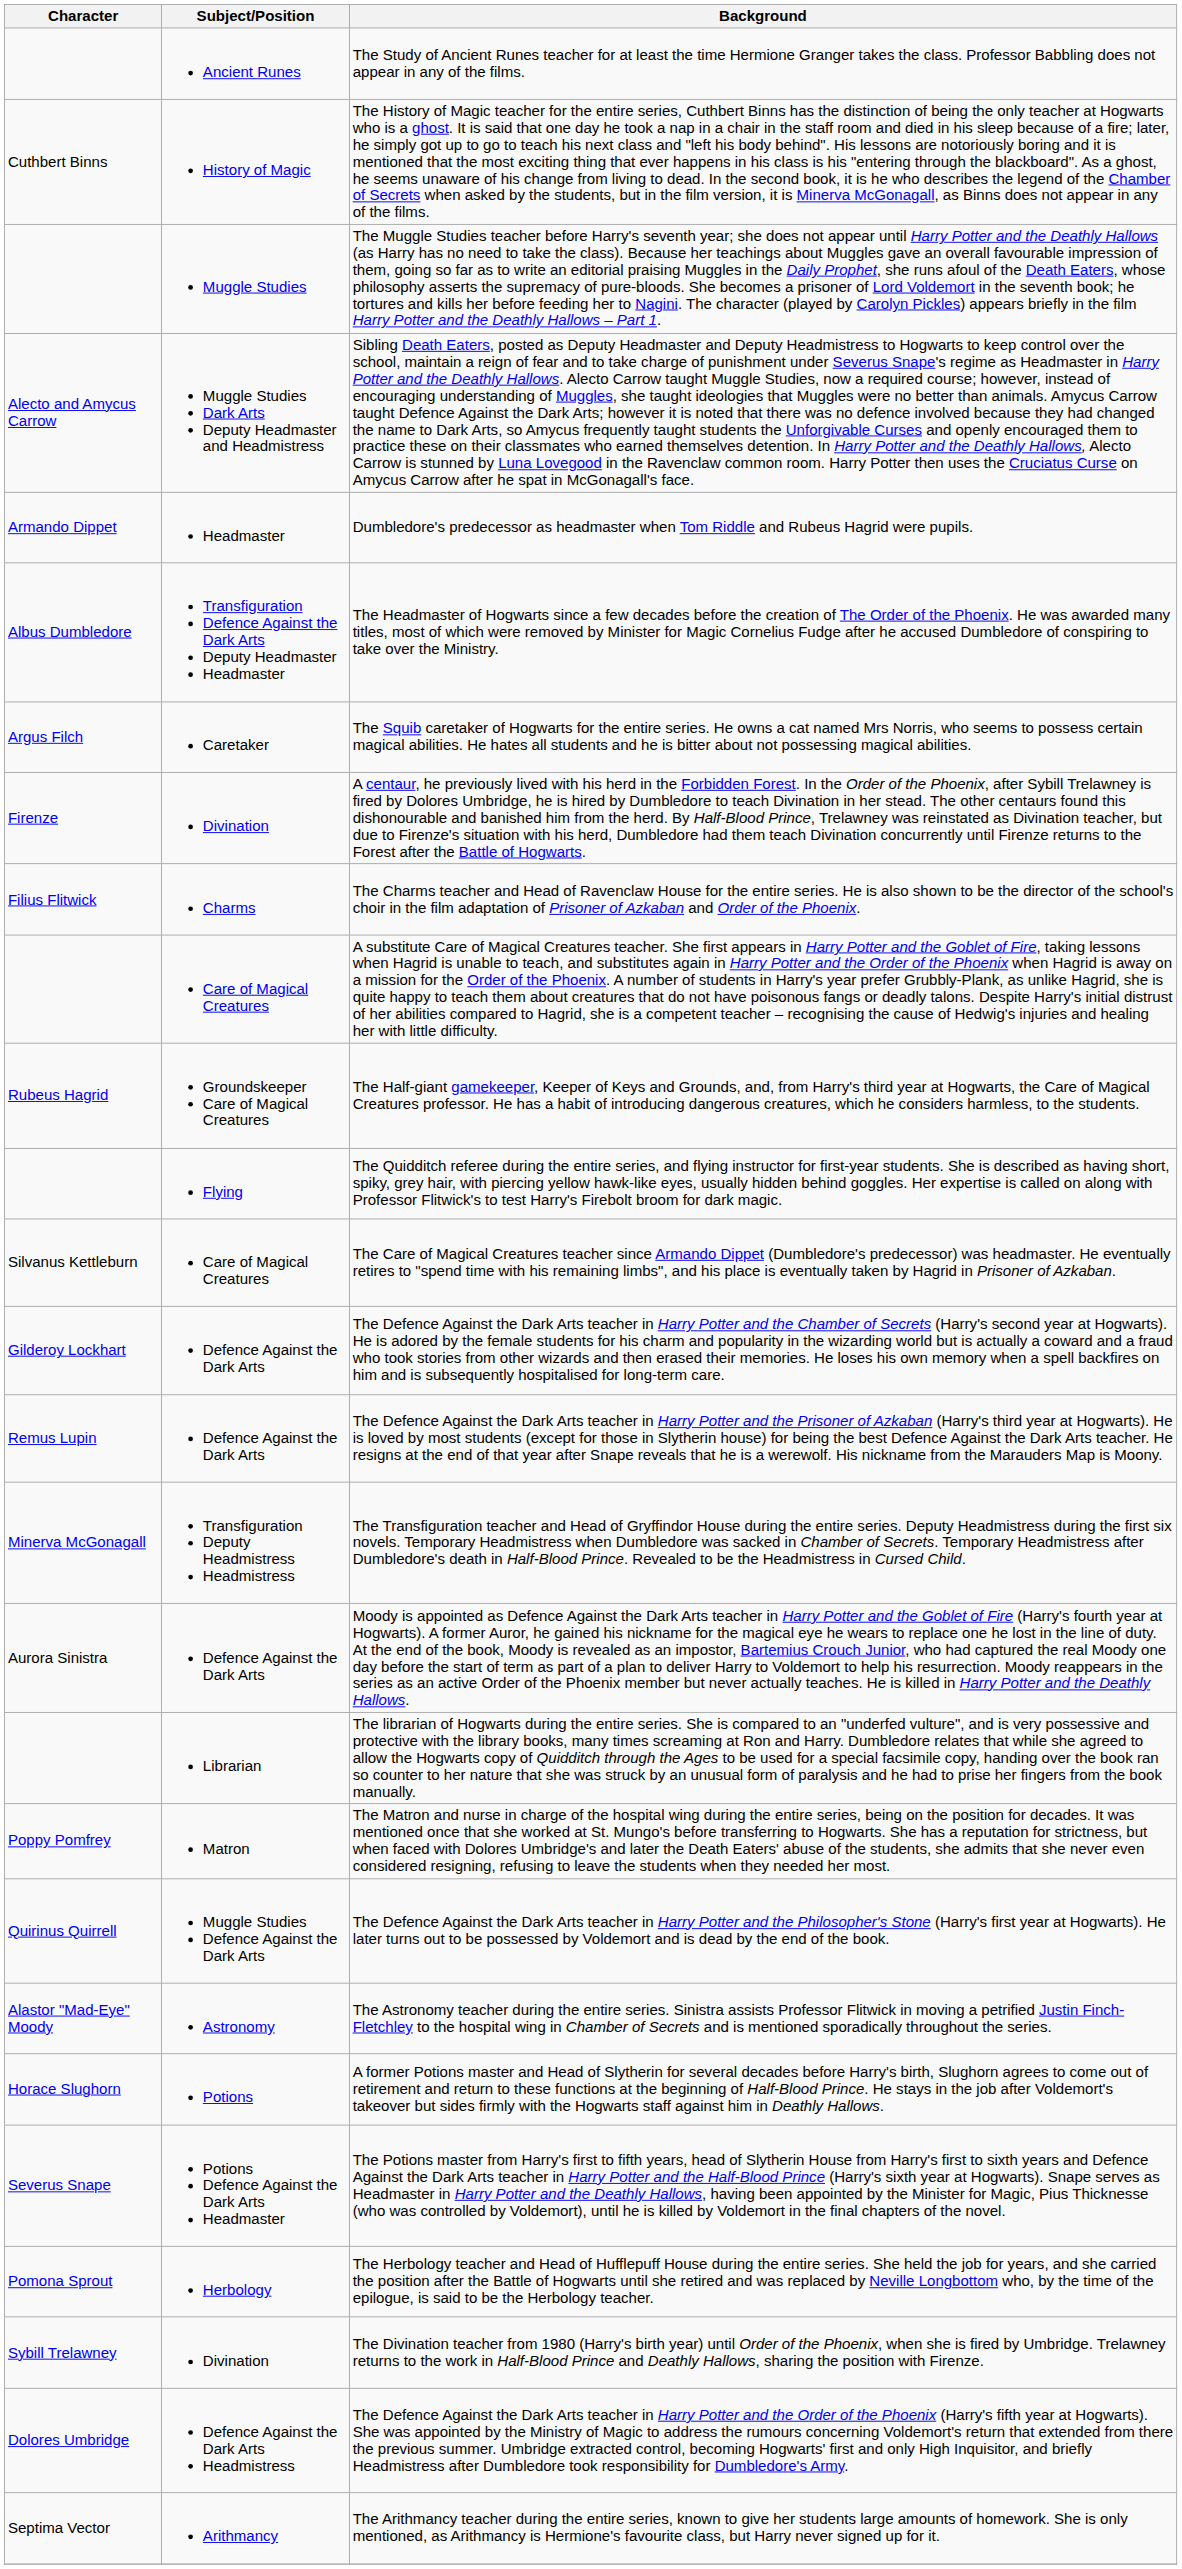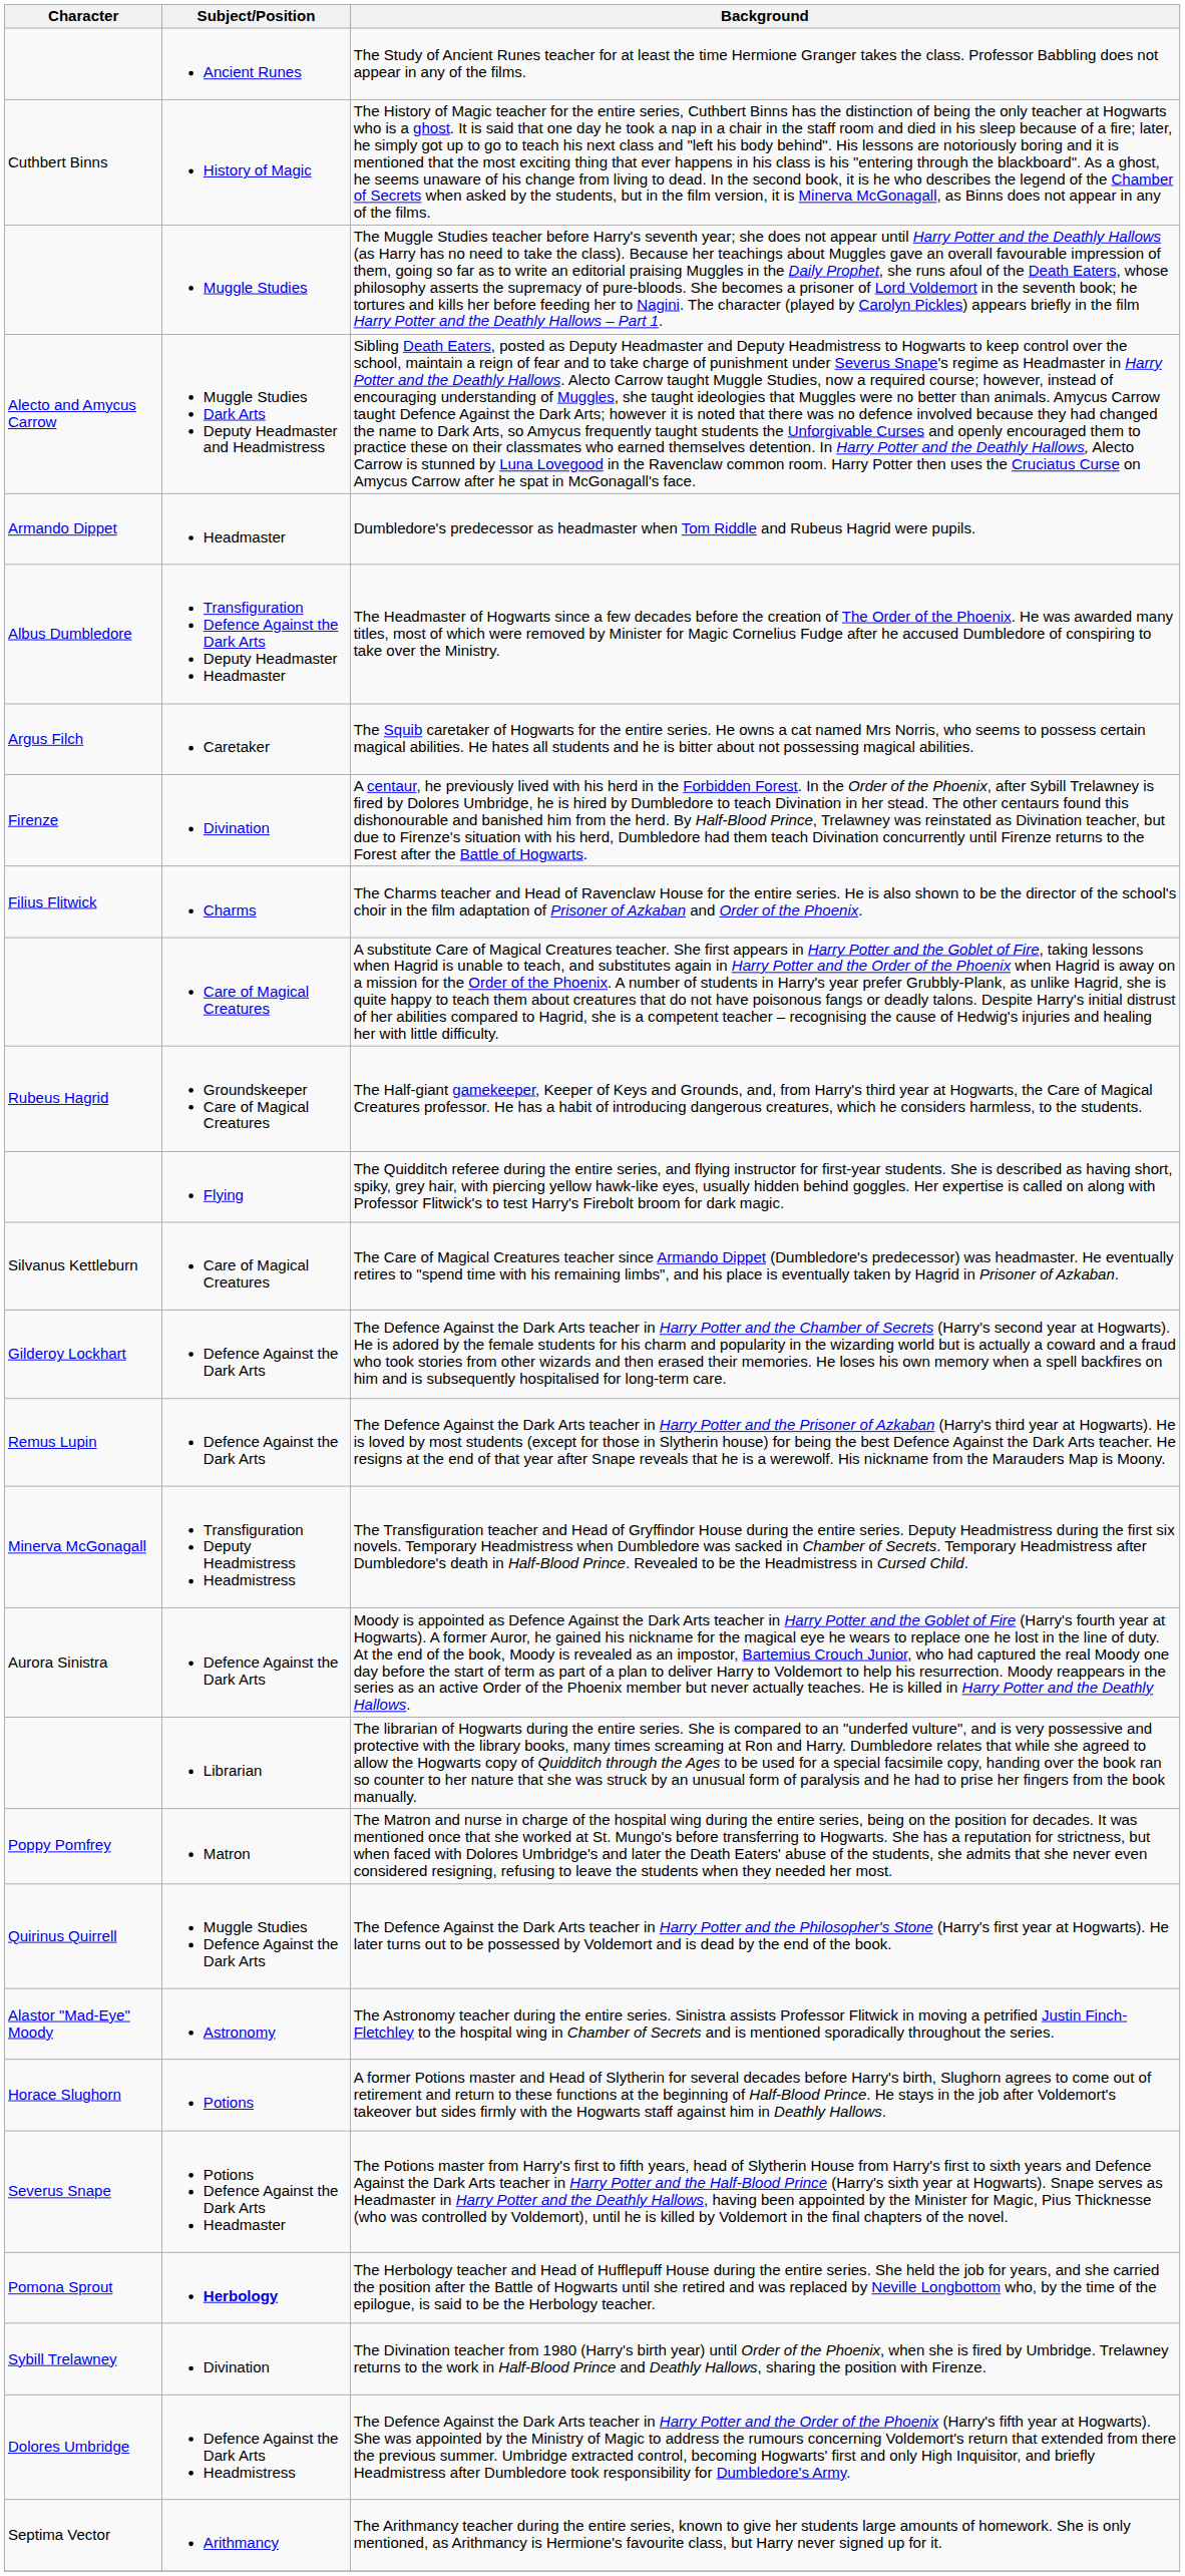 <table Class=wikitable>
 <tr>
 <th style="width:10em;">Character</th>
 <th style="width:12em;">Subject/Position</th>
 <th>Background</th>
 </tr>
 <tr>
 <td></td>
 <td><br><ul><li><a href='#'>Ancient Runes</a></li></ul></td>
 <td>The Study of Ancient Runes teacher for at least the time Hermione Granger takes the class. Professor Babbling does not appear in any of the films.</td>
 </tr>
 <tr>
 <td>Cuthbert Binns</td>
 <td><br><ul><li><a href='#'>History of Magic</a></li></ul></td>
 <td>The History of Magic teacher for the entire series, Cuthbert Binns has the distinction of being the only teacher at Hogwarts who is a <a href='#'>ghost</a>. It is said that one day he took a nap in a chair in the staff room and died in his sleep because of a fire; later, he simply got up to go to teach his next class and "left his body behind". His lessons are notoriously boring and it is mentioned that the most exciting thing that ever happens in his class is his "entering through the blackboard". As a ghost, he seems unaware of his change from living to dead. In the second book, it is he who describes the legend of the <a href='#'>Chamber of Secrets</a> when asked by the students, but in the film version, it is <a href='#'>Minerva McGonagall</a>, as Binns does not appear in any of the films.</td>
 </tr>
 <tr>
 <td></td>
 <td><br><ul><li><a href='#'>Muggle Studies</a></li></ul></td>
 <td>The Muggle Studies teacher before Harry's seventh year; she does not appear until <em><a href='#'>Harry Potter and the Deathly Hallows</a></em> (as Harry has no need to take the class). Because her teachings about Muggles gave an overall favourable impression of them, going so far as to write an editorial praising Muggles in the <em><a href='#'>Daily Prophet</a></em>, she runs afoul of the <a href='#'>Death Eaters</a>, whose philosophy asserts the supremacy of pure-bloods. She becomes a prisoner of <a href='#'>Lord Voldemort</a> in the seventh book; he tortures and kills her before feeding her to <a href='#'>Nagini</a>. The character (played by <a href='#'>Carolyn Pickles</a>) appears briefly in the film <em><a href='#'>Harry Potter and the Deathly Hallows – Part 1</a></em>.</td>
 </tr>
 <tr>
 <td><a href='#'>Alecto and Amycus Carrow</a></td>
 <td><br><ul><li>Muggle Studies</li><li><a href='#'>Dark Arts</a></li><li>Deputy Headmaster and Headmistress</li></ul></td>
 <td>Sibling <a href='#'>Death Eaters</a>, posted as Deputy Headmaster and Deputy Headmistress to Hogwarts to keep control over the school, maintain a reign of fear and to take charge of punishment under <a href='#'>Severus Snape</a>'s regime as Headmaster in <em><a href='#'>Harry Potter and the Deathly Hallows</a></em>. Alecto Carrow taught Muggle Studies, now a required course; however, instead of encouraging understanding of <a href='#'>Muggles</a>, she taught ideologies that Muggles were no better than animals. Amycus Carrow taught Defence Against the Dark Arts; however it is noted that there was no defence involved because they had changed the name to Dark Arts, so Amycus frequently taught students the <a href='#'>Unforgivable Curses</a> and openly encouraged them to practice these on their classmates who earned themselves detention. In <em><a href='#'>Harry Potter and the Deathly Hallows</a>,</em> Alecto Carrow is stunned by <a href='#'>Luna Lovegood</a> in the Ravenclaw common room. Harry Potter then uses the <a href='#'>Cruciatus Curse</a> on Amycus Carrow after he spat in McGonagall's face.</td>
 </tr>
 <tr>
 <td><a href='#'>Armando Dippet</a></td>
 <td><br><ul><li>Headmaster</li></ul></td>
 <td>Dumbledore's predecessor as headmaster when <a href='#'>Tom Riddle</a> and Rubeus Hagrid were pupils.</td>
 </tr>
 <tr>
 <td><a href='#'>Albus Dumbledore</a></td>
 <td><br><ul><li><a href='#'>Transfiguration</a></li><li><a href='#'>Defence Against the Dark Arts</a></li><li>Deputy Headmaster</li><li>Headmaster</li></ul></td>
 <td>The Headmaster of Hogwarts since a few decades before the creation of <a href='#'>The Order of the Phoenix</a>. He was awarded many titles, most of which were removed by Minister for Magic Cornelius Fudge after he accused Dumbledore of conspiring to take over the Ministry.</td>
 </tr>
 <tr>
 <td><a href='#'>Argus Filch</a></td>
 <td><br><ul><li>Caretaker</li></ul></td>
 <td>The <a href='#'>Squib</a> caretaker of Hogwarts for the entire series. He owns a cat named Mrs Norris, who seems to possess certain magical abilities. He hates all students and he is bitter about not possessing magical abilities.</td>
 </tr>
 <tr>
 <td><a href='#'>Firenze</a></td>
 <td><br><ul><li><a href='#'>Divination</a></li></ul></td>
 <td>A <a href='#'>centaur</a>, he previously lived with his herd in the <a href='#'>Forbidden Forest</a>. In the <em>Order of the Phoenix</em>, after Sybill Trelawney is fired by Dolores Umbridge, he is hired by Dumbledore to teach Divination in her stead. The other centaurs found this dishonourable and banished him from the herd. By <em>Half-Blood Prince</em>, Trelawney was reinstated as Divination teacher, but due to Firenze's situation with his herd, Dumbledore had them teach Divination concurrently until Firenze returns to the Forest after the <a href='#'>Battle of Hogwarts</a>.</td>
 </tr>
 <tr>
 <td><a href='#'>Filius Flitwick</a></td>
 <td><br><ul><li><a href='#'>Charms</a></li></ul></td>
 <td>The Charms teacher and Head of Ravenclaw House for the entire series. He is also shown to be the director of the school's choir in the film adaptation of <em><a href='#'>Prisoner of Azkaban</a></em> and <em><a href='#'>Order of the Phoenix</a></em>.</td>
 </tr>
 <tr>
 <td></td>
 <td><br><ul><li><a href='#'>Care of Magical Creatures</a></li></ul></td>
 <td>A substitute Care of Magical Creatures teacher. She first appears in <em><a href='#'>Harry Potter and the Goblet of Fire</a></em>, taking lessons when Hagrid is unable to teach, and substitutes again in <em><a href='#'>Harry Potter and the Order of the Phoenix</a></em> when Hagrid is away on a mission for the <a href='#'>Order of the Phoenix</a>. A number of students in Harry's year prefer Grubbly-Plank, as unlike Hagrid, she is quite happy to teach them about creatures that do not have poisonous fangs or deadly talons. Despite Harry's initial distrust of her abilities compared to Hagrid, she is a competent teacher – recognising the cause of Hedwig's injuries and healing her with little difficulty.</td>
 </tr>
 <tr>
 <td><a href='#'>Rubeus Hagrid</a></td>
 <td><br><ul><li>Groundskeeper</li><li>Care of Magical Creatures</li></ul></td>
 <td>The Half-giant <a href='#'>gamekeeper</a>, Keeper of Keys and Grounds, and, from Harry's third year at Hogwarts, the Care of Magical Creatures professor. He has a habit of introducing dangerous creatures, which he considers harmless, to the students.</td>
 </tr>
 <tr>
 <td></td>
 <td><br><ul><li><a href='#'>Flying</a></li></ul></td>
 <td>The Quidditch referee during the entire series, and flying instructor for first-year students. She is described as having short, spiky, grey hair, with piercing yellow hawk-like eyes, usually hidden behind goggles. Her expertise is called on along with Professor Flitwick's to test Harry's Firebolt broom for dark magic.</td>
 </tr>
 <tr>
 <td>Silvanus Kettleburn</td>
 <td><br><ul><li>Care of Magical Creatures</li></ul></td>
 <td>The Care of Magical Creatures teacher since <a href='#'>Armando Dippet</a> (Dumbledore's predecessor) was headmaster. He eventually retires to "spend time with his remaining limbs", and his place is eventually taken by Hagrid in <em>Prisoner of Azkaban</em>.</td>
 </tr>
 <tr>
 <td><a href='#'>Gilderoy Lockhart</a></td>
 <td><br><ul><li>Defence Against the Dark Arts</li></ul></td>
 <td>The Defence Against the Dark Arts teacher in <em><a href='#'>Harry Potter and the Chamber of Secrets</a></em> (Harry's second year at Hogwarts). He is adored by the female students for his charm and popularity in the wizarding world but is actually a coward and a fraud who took stories from other wizards and then erased their memories. He loses his own memory when a spell backfires on him and is subsequently hospitalised for long-term care.</td>
 </tr>
 <tr>
 <td><a href='#'>Remus Lupin</a></td>
 <td><br><ul><li>Defence Against the Dark Arts</li></ul></td>
 <td>The Defence Against the Dark Arts teacher in <em><a href='#'>Harry Potter and the Prisoner of Azkaban</a></em> (Harry's third year at Hogwarts). He is loved by most students (except for those in Slytherin house) for being the best Defence Against the Dark Arts teacher. He resigns at the end of that year after Snape reveals that he is a werewolf. His nickname from the Marauders Map is Moony.</td>
 </tr>
 <tr>
 <td><a href='#'>Minerva McGonagall</a></td>
 <td><br><ul><li>Transfiguration</li><li>Deputy Headmistress</li><li>Headmistress</li></ul></td>
 <td>The Transfiguration teacher and Head of Gryffindor House during the entire series. Deputy Headmistress during the first six novels. Temporary Headmistress when Dumbledore was sacked in <em>Chamber of Secrets</em>. Temporary Headmistress after Dumbledore's death in <em>Half-Blood Prince</em>. Revealed to be the Headmistress in <em>Cursed Child</em>.</td>
 </tr>
 <tr>
 <td>Aurora Sinistra</td>
 <td><br><ul><li>Defence Against the Dark Arts</li></ul></td>
 <td>Moody is appointed as Defence Against the Dark Arts teacher in <em><a href='#'>Harry Potter and the Goblet of Fire</a></em> (Harry's fourth year at Hogwarts). A former Auror, he gained his nickname for the magical eye he wears to replace one he lost in the line of duty. At the end of the book, Moody is revealed as an impostor, <a href='#'>Bartemius Crouch Junior</a>, who had captured the real Moody one day before the start of term as part of a plan to deliver Harry to Voldemort to help his resurrection. Moody reappears in the series as an active Order of the Phoenix member but never actually teaches. He is killed in <em><a href='#'>Harry Potter and the Deathly Hallows</a></em>.</td>
 </tr>
 <tr>
 <td></td>
 <td><br><ul><li>Librarian</li></ul></td>
 <td>The librarian of Hogwarts during the entire series. She is compared to an "underfed vulture", and is very possessive and protective with the library books, many times screaming at Ron and Harry. Dumbledore relates that while she agreed to allow the Hogwarts copy of <em>Quidditch through the Ages</em> to be used for a special facsimile copy, handing over the book ran so counter to her nature that she was struck by an unusual form of paralysis and he had to prise her fingers from the book manually.</td>
 </tr>
 <tr>
 <td><a href='#'>Poppy Pomfrey</a></td>
 <td><br><ul><li>Matron</li></ul></td>
 <td>The Matron and nurse in charge of the hospital wing during the entire series, being on the position for decades. It was mentioned once that she worked at St. Mungo's before transferring to Hogwarts. She has a reputation for strictness, but when faced with Dolores Umbridge's and later the Death Eaters' abuse of the students, she admits that she never even considered resigning, refusing to leave the students when they needed her most.</td>
 </tr>
 <tr>
 <td><a href='#'>Quirinus Quirrell</a></td>
 <td><br><ul><li>Muggle Studies</li><li>Defence Against the Dark Arts</li></ul></td>
 <td>The Defence Against the Dark Arts teacher in <em><a href='#'>Harry Potter and the Philosopher's Stone</a></em> (Harry's first year at Hogwarts). He later turns out to be possessed by Voldemort and is dead by the end of the book.</td>
 </tr>
 <tr>
 <td><a href='#'>Alastor "Mad-Eye" Moody</a></td>
 <td><br><ul><li><a href='#'>Astronomy</a></li></ul></td>
 <td>The Astronomy teacher during the entire series. Sinistra assists Professor Flitwick in moving a petrified <a href='#'>Justin Finch-Fletchley</a> to the hospital wing in <em>Chamber of Secrets</em> and is mentioned sporadically throughout the series.</td>
 </tr>
 <tr>
 <td><a href='#'>Horace Slughorn</a></td>
 <td><br><ul><li><a href='#'>Potions</a></li></ul></td>
 <td>A former Potions master and Head of Slytherin for several decades before Harry's birth, Slughorn agrees to come out of retirement and return to these functions at the beginning of <em>Half-Blood Prince</em>.  He stays in the job after Voldemort's takeover but sides firmly with the Hogwarts staff against him in <em>Deathly Hallows</em>.</td>
 </tr>
 <tr>
 <td><a href='#'>Severus Snape</a></td>
 <td><br><ul><li>Potions</li><li>Defence Against the Dark Arts</li><li>Headmaster</li></ul></td>
 <td>The Potions master from Harry's first to fifth years, head of Slytherin House from Harry's first to sixth years and Defence Against the Dark Arts teacher in <em><a href='#'>Harry Potter and the Half-Blood Prince</a></em> (Harry's sixth year at Hogwarts). Snape serves as Headmaster in <em><a href='#'>Harry Potter and the Deathly Hallows</a></em>, having been appointed by the Minister for Magic, Pius Thicknesse (who was controlled by Voldemort), until he is killed by Voldemort in the final chapters of the novel.</td>
 </tr>
 <tr>
 <td><a href='#'>Pomona Sprout</a></td>
-<td><br><ul><li><a href='#'>Herbology</a></li></ul></td>
+<td><strong><br><ul><li><a href='#'>Herbology</a></li></ul></strong></td>
 <td>The Herbology teacher and Head of Hufflepuff House during the entire series. She held the job for years, and she carried the position after the Battle of Hogwarts until she retired and was replaced by <a href='#'>Neville Longbottom</a> who, by the time of the epilogue, is said to be the Herbology teacher.</td>
 </tr>
 <tr>
 <td><a href='#'>Sybill Trelawney</a></td>
 <td><br><ul><li>Divination</li></ul></td>
 <td>The Divination teacher from 1980 (Harry's birth year) until <em>Order of the Phoenix</em>, when she is fired by Umbridge. Trelawney returns to the work in <em>Half-Blood Prince</em> and <em>Deathly Hallows</em>, sharing the position with Firenze.</td>
 </tr>
 <tr>
 <td><a href='#'>Dolores Umbridge</a></td>
 <td><br><ul><li>Defence Against the Dark Arts</li><li>Headmistress</li></ul></td>
 <td>The Defence Against the Dark Arts teacher in <em><a href='#'>Harry Potter and the Order of the Phoenix</a></em> (Harry's fifth year at Hogwarts). She was appointed by the Ministry of Magic to address the rumours concerning Voldemort's return that extended from there the previous summer. Umbridge extracted control, becoming Hogwarts' first and only High Inquisitor, and briefly Headmistress after Dumbledore took responsibility for <a href='#'>Dumbledore's Army</a>.</td>
 </tr>
 <tr>
 <td>Septima Vector</td>
 <td><br><ul><li><a href='#'>Arithmancy</a></li></ul></td>
 <td>The Arithmancy teacher during the entire series, known to give her students large amounts of homework. She is only mentioned, as Arithmancy is Hermione's favourite class, but Harry never signed up for it.</td>
 </tr>
 <tr>
 </tr>
 </table>
